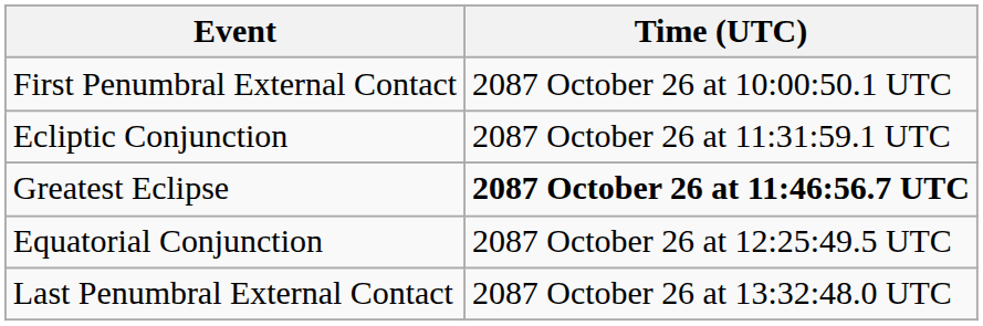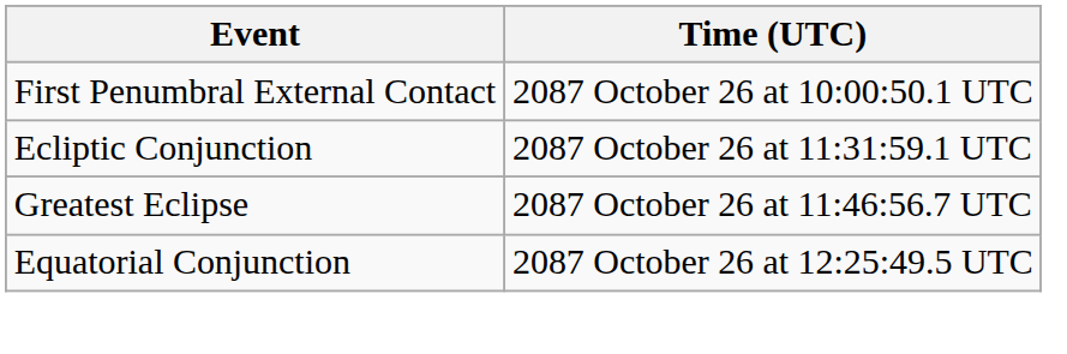 <table class="wikitable">
 <tr>
 <th>Event</th>
 <th>Time (UTC)</th>
 </tr>
 <tr>
 <td>First Penumbral External Contact</td>
 <td>2087 October 26 at 10:00:50.1 UTC</td>
 </tr>
 <tr>
 <td>Ecliptic Conjunction</td>
 <td>2087 October 26 at 11:31:59.1 UTC</td>
 </tr>
 <tr>
 <td>Greatest Eclipse</td>
-<td><strong>2087 October 26 at 11:46:56.7 UTC</strong></td>
+<td>2087 October 26 at 11:46:56.7 UTC</td>
 </tr>
 <tr>
 <td>Equatorial Conjunction</td>
 <td>2087 October 26 at 12:25:49.5 UTC</td>
 </tr>
-<tr>
-<td>Last Penumbral External Contact</td>
-<td>2087 October 26 at 13:32:48.0 UTC</td>
-</tr>
 </table>
